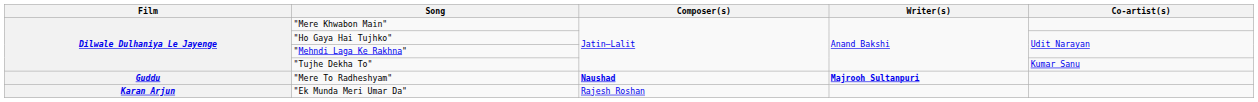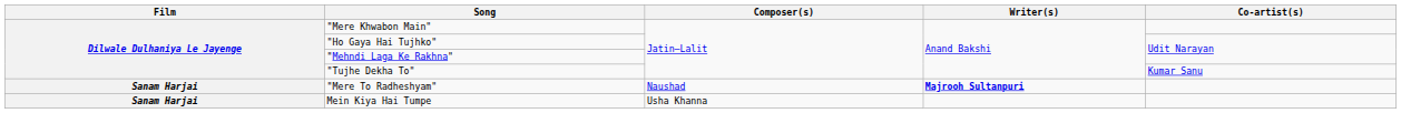 <table class="wikitable plainrowheaders" style="width:100%; textcolor:#000">
 <tr style="background:#b0e0e66;">
 <th scope="col" style="width:23%;"><strong>Film</strong></th>
 <th scope="col" style="width:23%;"><strong>Song</strong></th>
 <th scope="col" style="width:20%;"><strong>Composer(s)</strong></th>
 <th scope="col" style="width:16%;"><strong>Writer(s)</strong></th>
 <th scope="col" style="width:18%;"><strong>Co-artist(s)</strong></th>
 </tr>
 <tr>
 <th Rowspan=4><em><a href='#'>Dilwale Dulhaniya Le Jayenge</a></em></th>
 <td>"Mere Khwabon Main"</td>
 <td rowspan=4><a href='#'>Jatin–Lalit</a></td>
 <td rowspan=4><a href='#'>Anand Bakshi</a></td>
 <td></td>
 </tr>
 <tr>
 <td>"Ho Gaya Hai Tujhko"</td>
 <td rowspan=2><a href='#'>Udit Narayan</a></td>
 </tr>
 <tr>
 <td>"<a href='#'>Mehndi Laga Ke Rakhna</a>"</td>
 </tr>
 <tr>
 <td>"Tujhe Dekha To"</td>
 <td><a href='#'>Kumar Sanu</a></td>
 </tr>
 <tr>
-<th><em><a href='#'>Guddu</a></em></th>
+<th><em>Sanam Harjai</em></th>
 <td>"Mere To Radheshyam"</td>
-<td><strong><a href='#'>Naushad</a></strong></td>
+<td><a href='#'>Naushad</a></td>
 <td><strong><a href='#'>Majrooh Sultanpuri</a></strong></td>
 <td></td>
 </tr>
 <tr>
-<th><em><a href='#'>Karan Arjun</a></em></th>
-<td>"Ek Munda Meri Umar Da"</td>
-<td><a href='#'>Rajesh Roshan</a></td>
+<th><em>Sanam Harjai</em></th>
+<td>Mein Kiya Hai Tumpe</td>
+<td>Usha Khanna</td>
 <td></td>
 <td></td>
 </tr>
 </table>
